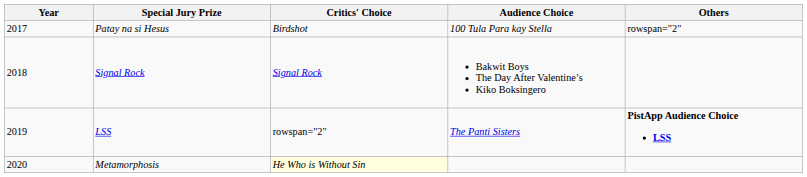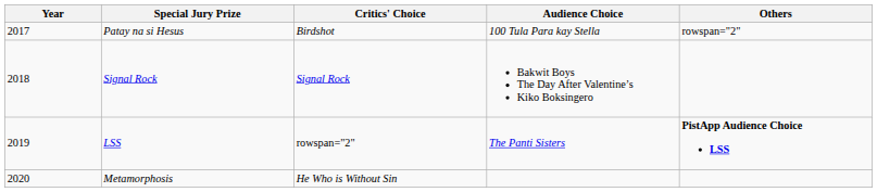 <table class="wikitable">
 <tr>
 <th style="width:5%;">Year</th>
 <th style="width:10%;">Special Jury Prize</th>
 <th style="width:10%;">Critics' Choice</th>
 <th style="width:10%;">Audience Choice</th>
 <th style="width:10%;">Others</th>
 </tr>
 <tr>
 <td>2017</td>
 <td><em>Patay na si Hesus</em></td>
 <td><em>Birdshot</em></td>
 <td><em>100 Tula Para kay Stella</em></td>
 <td>rowspan="2" </td>
 </tr>
 <tr>
 <td>2018</td>
 <td><em><a href='#'>Signal Rock</a></em></td>
 <td><em><a href='#'>Signal Rock</a></em></td>
 <td><br><ul><li>Bakwit Boys</li><li>The Day After Valentine’s</li><li>Kiko Boksingero</li></ul></td>
 </tr>
 <tr>
 <td>2019</td>
 <td><a href='#'><em>LSS</em></a></td>
 <td>rowspan="2" </td>
 <td><em><a href='#'>The Panti Sisters</a></em></td>
 <td><strong>PistApp Audience Choice<br><ul><li><a href='#'>LSS</a></li></ul></strong></td>
 </tr>
 <tr>
 <td>2020</td>
 <td><em>Metamorphosis</em></td>
-<td style="background: lightyellow;"><em>He Who is Without Sin</em></td>
+<td><em>He Who is Without Sin</em></td>
 <td></td>
 </tr>
 </table>
